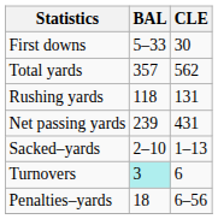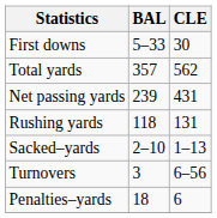 <table class="wikitable" style="float: left;">
 <tr>
 <th>Statistics</th>
 <th>BAL</th>
 <th>CLE</th>
 </tr>
 <tr>
 <td>First downs</td>
 <td>5–33</td>
 <td>30</td>
 </tr>
 <tr>
 <td>Total yards</td>
 <td>357</td>
 <td>562</td>
 </tr>
 <tr>
+<td>Net passing yards</td>
+<td>239</td>
+<td>431</td>
+</tr>
+<tr>
 <td>Rushing yards</td>
 <td>118</td>
 <td>131</td>
-</tr>
-<tr>
-<td>Net passing yards</td>
-<td>239</td>
-<td>431</td>
 </tr>
 <tr>
 <td>Sacked–yards</td>
 <td>2–10</td>
 <td>1–13</td>
 </tr>
 <tr>
 <td>Turnovers</td>
-<td style="background: paleturquoise;">3</td>
-<td>6</td>
+<td>3</td>
+<td>6–56</td>
 </tr>
 <tr>
 <td>Penalties–yards</td>
 <td>18</td>
-<td>6–56</td>
+<td>6</td>
 </tr>
 <tr>
 </tr>
 </table>
